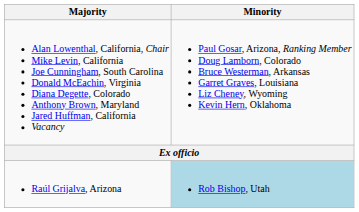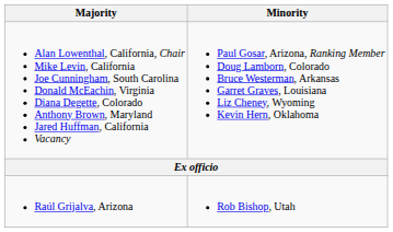 <table class=wikitable>
 <tr>
 <th>Majority</th>
 <th>Minority</th>
 </tr>
 <tr valign=top>
 <td><br><ul><li><a href='#'>Alan Lowenthal</a>, California, <em>Chair</em></li><li><a href='#'>Mike Levin</a>, California</li><li><a href='#'>Joe Cunningham</a>, South Carolina</li><li><a href='#'>Donald McEachin</a>, Virginia</li><li><a href='#'>Diana Degette</a>, Colorado</li><li><a href='#'>Anthony Brown</a>, Maryland</li><li><a href='#'>Jared Huffman</a>, California</li><li><em>Vacancy</em></li></ul></td>
 <td><br><ul><li><a href='#'>Paul Gosar</a>, Arizona, <em>Ranking Member</em></li><li><a href='#'>Doug Lamborn</a>, Colorado</li><li><a href='#'>Bruce Westerman</a>, Arkansas</li><li><a href='#'>Garret Graves</a>, Louisiana</li><li><a href='#'>Liz Cheney</a>, Wyoming</li><li><a href='#'>Kevin Hern</a>, Oklahoma</li></ul></td>
 </tr>
 <tr>
 <th colspan=2><em>Ex officio</em></th>
 </tr>
 <tr>
 <td><br><ul><li><a href='#'>Raúl Grijalva</a>, Arizona</li></ul></td>
-<td style="background: lightblue;"><br><ul><li><a href='#'>Rob Bishop</a>, Utah</li></ul></td>
+<td><br><ul><li><a href='#'>Rob Bishop</a>, Utah</li></ul></td>
 </tr>
 </table>
